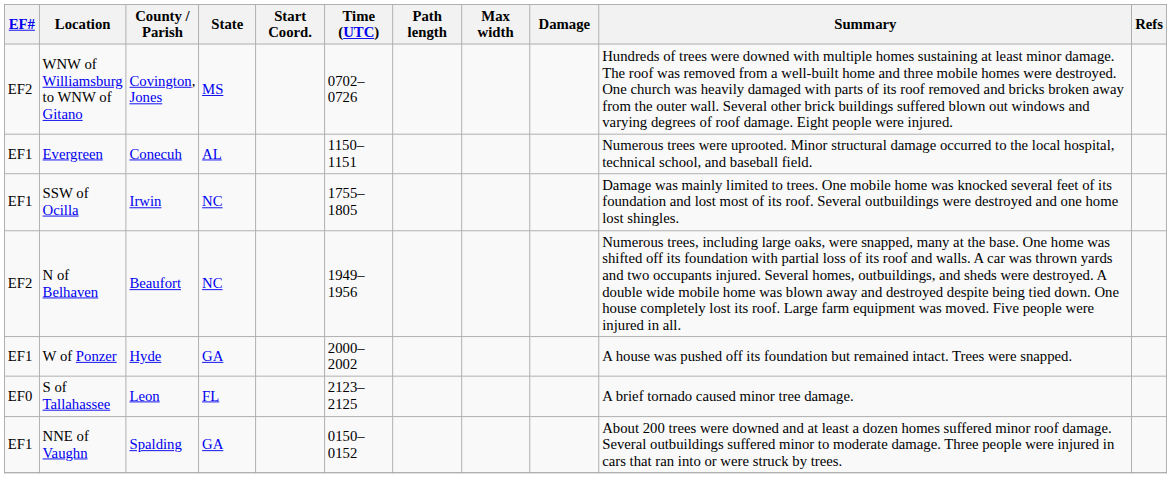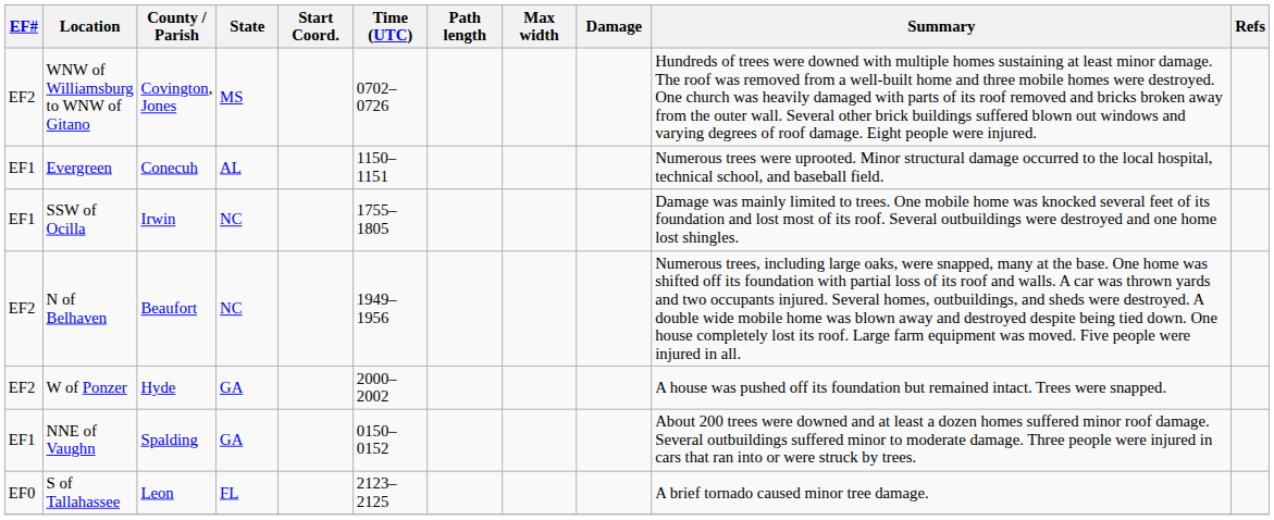 <table class="wikitable sortable" style="width:100%;">
 <tr>
 <th scope="col" width="3%" align="center"><a href='#'>EF#</a></th>
 <th scope="col" width="7%" align="center" class="unsortable">Location</th>
 <th scope="col" width="6%" align="center" class="unsortable">County / Parish</th>
 <th scope="col" width="5%" align="center">State</th>
 <th scope="col" width="6%" align="center">Start Coord.</th>
 <th scope="col" width="6%" align="center">Time (<a href='#'>UTC</a>)</th>
 <th scope="col" width="6%" align="center">Path length</th>
 <th scope="col" width="6%" align="center">Max width</th>
 <th scope="col" width="6%" align="center">Damage</th>
 <th scope="col" width="48%" class="unsortable" align="center">Summary</th>
 <th scope="col" width="48%" class="unsortable" align="center">Refs</th>
 </tr>
 <tr>
 <td>EF2</td>
 <td>WNW of <a href='#'>Williamsburg</a> to WNW of <a href='#'>Gitano</a></td>
 <td><a href='#'>Covington</a>, <a href='#'>Jones</a></td>
 <td><a href='#'>MS</a></td>
 <td></td>
 <td>0702–0726</td>
 <td></td>
 <td></td>
 <td></td>
 <td>Hundreds of trees were downed with multiple homes sustaining at least minor damage. The roof was removed from a well-built home and three mobile homes were destroyed. One church was heavily damaged with parts of its roof removed and bricks broken away from the outer wall. Several other brick buildings suffered blown out windows and varying degrees of roof damage. Eight people were injured.</td>
 <td></td>
 </tr>
 <tr>
 <td>EF1</td>
 <td><a href='#'>Evergreen</a></td>
 <td><a href='#'>Conecuh</a></td>
 <td><a href='#'>AL</a></td>
 <td></td>
 <td>1150–1151</td>
 <td></td>
 <td></td>
 <td></td>
 <td>Numerous trees were uprooted. Minor structural damage occurred to the local hospital, technical school, and baseball field.</td>
 <td></td>
 </tr>
 <tr>
 <td>EF1</td>
 <td>SSW of <a href='#'>Ocilla</a></td>
 <td><a href='#'>Irwin</a></td>
 <td><a href='#'>NC</a></td>
 <td></td>
 <td>1755–1805</td>
 <td></td>
 <td></td>
 <td></td>
 <td>Damage was mainly limited to trees. One mobile home was knocked several feet of its foundation and lost most of its roof. Several outbuildings were destroyed and one home lost shingles.</td>
 <td></td>
 </tr>
 <tr>
 <td>EF2</td>
 <td>N of <a href='#'>Belhaven</a></td>
 <td><a href='#'>Beaufort</a></td>
 <td><a href='#'>NC</a></td>
 <td></td>
 <td>1949–1956</td>
 <td></td>
 <td></td>
 <td></td>
 <td>Numerous trees, including large oaks, were snapped, many at the base. One home was shifted off its foundation with partial loss of its roof and walls. A car was thrown  yards and two occupants injured. Several homes, outbuildings, and sheds were destroyed. A double wide mobile home was blown away and destroyed despite being tied down. One house completely lost its roof. Large farm equipment was moved. Five people were injured in all.</td>
 <td></td>
 </tr>
 <tr>
-<td>EF1</td>
+<td>EF2</td>
 <td>W of <a href='#'>Ponzer</a></td>
 <td><a href='#'>Hyde</a></td>
 <td><a href='#'>GA</a></td>
 <td></td>
 <td>2000–2002</td>
 <td></td>
 <td></td>
 <td></td>
 <td>A house was pushed off its foundation but remained intact. Trees were snapped.</td>
+<td></td>
+</tr>
+<tr>
+<td>EF1</td>
+<td>NNE of <a href='#'>Vaughn</a></td>
+<td><a href='#'>Spalding</a></td>
+<td><a href='#'>GA</a></td>
+<td></td>
+<td>0150–0152</td>
+<td></td>
+<td></td>
+<td></td>
+<td>About 200 trees were downed and at least a dozen homes suffered minor roof damage. Several outbuildings suffered minor to moderate damage. Three people were injured in cars that ran into or were struck by trees.</td>
 <td></td>
 </tr>
 <tr>
 <td>EF0</td>
 <td>S of <a href='#'>Tallahassee</a></td>
 <td><a href='#'>Leon</a></td>
 <td><a href='#'>FL</a></td>
 <td></td>
 <td>2123–2125</td>
 <td></td>
 <td></td>
 <td></td>
 <td>A brief tornado caused minor tree damage.</td>
 <td></td>
 </tr>
 <tr>
-<td>EF1</td>
-<td>NNE of <a href='#'>Vaughn</a></td>
-<td><a href='#'>Spalding</a></td>
-<td><a href='#'>GA</a></td>
-<td></td>
-<td>0150–0152</td>
-<td></td>
-<td></td>
-<td></td>
-<td>About 200 trees were downed and at least a dozen homes suffered minor roof damage. Several outbuildings suffered minor to moderate damage. Three people were injured in cars that ran into or were struck by trees.</td>
-<td></td>
-</tr>
-<tr>
 </tr>
 </table>
